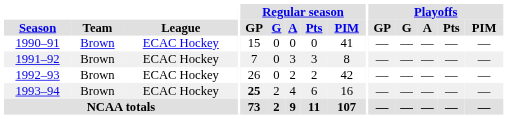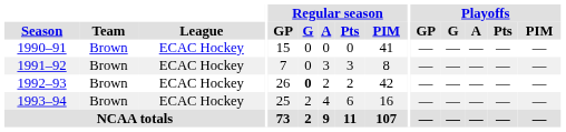 <table border="0" cellpadding="1" cellspacing="0" style="text-align:center; width:50%">
 <tr bgcolor="#e0e0e0">
 <th colspan="3" bgcolor="#ffffff"></th>
 <th rowspan="99" bgcolor="#ffffff"></th>
 <th colspan="5"><a href='#'>Regular season</a></th>
 <th rowspan="99" bgcolor="#ffffff"></th>
 <th colspan="5"><a href='#'>Playoffs</a></th>
 </tr>
 <tr bgcolor="#e0e0e0">
 <th><a href='#'>Season</a></th>
 <th>Team</th>
 <th>League</th>
 <th>GP</th>
 <th><a href='#'>G</a></th>
 <th><a href='#'>A</a></th>
 <th><a href='#'>Pts</a></th>
 <th><a href='#'>PIM</a></th>
 <th>GP</th>
 <th>G</th>
 <th>A</th>
 <th>Pts</th>
 <th>PIM</th>
 </tr>
 <tr ALIGN="center">
 <td><a href='#'>1990–91</a></td>
 <td><a href='#'>Brown</a></td>
 <td><a href='#'>ECAC Hockey</a></td>
 <td>15</td>
 <td>0</td>
 <td>0</td>
 <td>0</td>
 <td>41</td>
 <td>—</td>
 <td>—</td>
 <td>—</td>
 <td>—</td>
 <td>—</td>
 </tr>
 <tr ALIGN="center" bgcolor="#f0f0f0">
 <td><a href='#'>1991–92</a></td>
 <td>Brown</td>
 <td>ECAC Hockey</td>
 <td>7</td>
 <td>0</td>
 <td>3</td>
 <td>3</td>
 <td>8</td>
 <td>—</td>
 <td>—</td>
 <td>—</td>
 <td>—</td>
 <td>—</td>
 </tr>
 <tr ALIGN="center">
 <td><a href='#'>1992–93</a></td>
 <td>Brown</td>
 <td>ECAC Hockey</td>
 <td>26</td>
-<td>0</td>
+<td><strong>0</strong></td>
 <td>2</td>
 <td>2</td>
 <td>42</td>
 <td>—</td>
 <td>—</td>
 <td>—</td>
 <td>—</td>
 <td>—</td>
 </tr>
 <tr ALIGN="center" bgcolor="#f0f0f0">
 <td><a href='#'>1993–94</a></td>
 <td>Brown</td>
 <td>ECAC Hockey</td>
-<td><strong>25</strong></td>
+<td>25</td>
 <td>2</td>
 <td>4</td>
 <td>6</td>
 <td>16</td>
 <td>—</td>
 <td>—</td>
 <td>—</td>
 <td>—</td>
 <td>—</td>
 </tr>
 <tr bgcolor="#e0e0e0">
 <th colspan="3">NCAA totals</th>
 <th>73</th>
 <th>2</th>
 <th>9</th>
 <th>11</th>
 <th>107</th>
 <th>—</th>
 <th>—</th>
 <th>—</th>
 <th>—</th>
 <th>—</th>
 </tr>
 </table>
